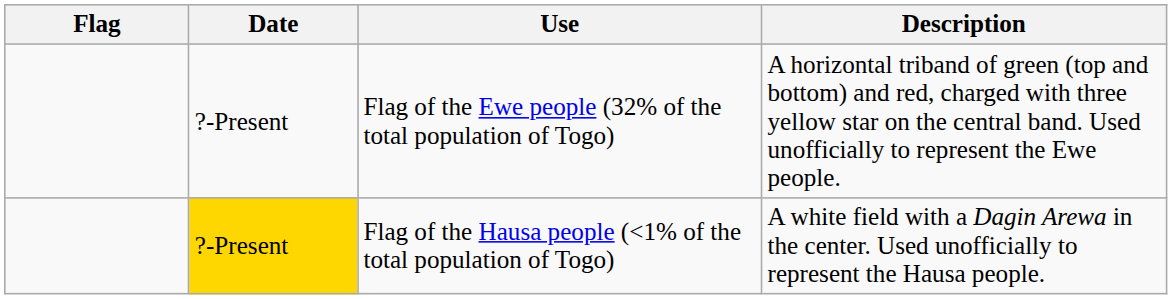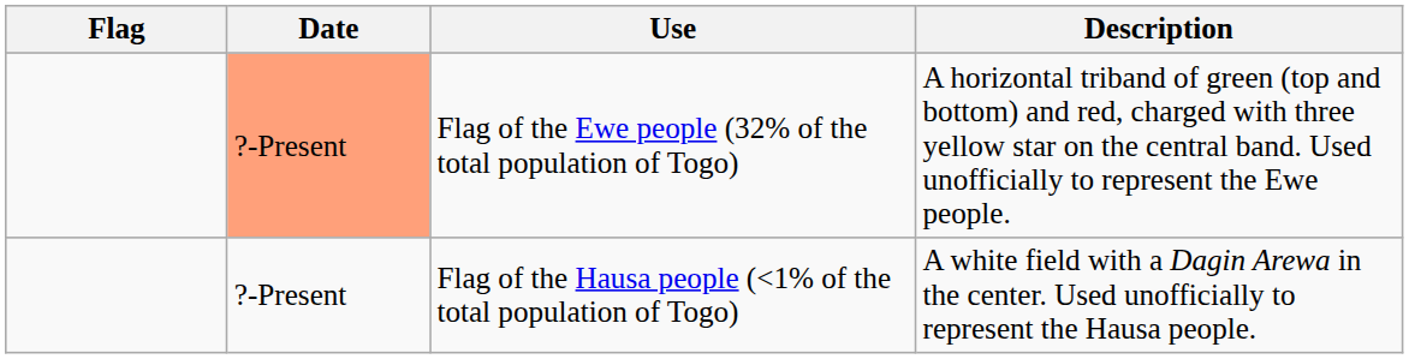 <table class="wikitable">
 <tr>
 <th style="width:110px;">Flag</th>
 <th style="width:100px;">Date</th>
 <th style="width:250px;">Use</th>
 <th style="width:250px;">Description</th>
 </tr>
 <tr>
 <td></td>
-<td>?-Present</td>
+<td style="background: lightsalmon;">?-Present</td>
 <td>Flag of the <a href='#'>Ewe people</a> (32% of the total population of Togo)</td>
 <td>A horizontal triband of green (top and bottom) and red, charged with three yellow star on the central band. Used unofficially to represent the Ewe people.</td>
 </tr>
 <tr>
 <td></td>
-<td style="background: gold;">?-Present</td>
+<td>?-Present</td>
 <td>Flag of the <a href='#'>Hausa people</a> (<1% of the total population of Togo)</td>
 <td>A white field with a <em>Dagin Arewa</em> in the center. Used unofficially to represent the Hausa people.</td>
 </tr>
 </table>
